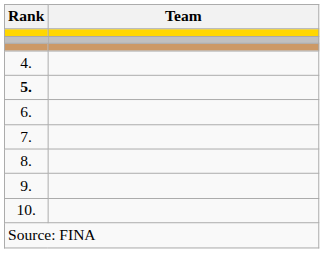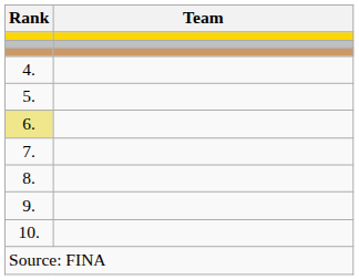 <table class="wikitable">
 <tr>
 <th>Rank</th>
 <th align="left" style="width: 17em">Team</th>
 </tr>
 <tr bgcolor=gold>
 <td align="center"></td>
 <td></td>
 </tr>
 <tr bgcolor=silver>
 <td align="center"></td>
 <td></td>
 </tr>
 <tr bgcolor=cc9966>
 <td align="center"></td>
 <td></td>
 </tr>
 <tr>
 <td align="center">4.</td>
 <td></td>
 </tr>
 <tr>
-<td align="center"><strong>5.</strong></td>
+<td align="center">5.</td>
 <td></td>
 </tr>
 <tr>
-<td align="center">6.</td>
+<td align="center" style="background: khaki;">6.</td>
 <td></td>
 </tr>
 <tr>
 <td align="center">7.</td>
 <td></td>
 </tr>
 <tr>
 <td align="center">8.</td>
 <td></td>
 </tr>
 <tr>
 <td align="center">9.</td>
 <td></td>
 </tr>
 <tr>
 <td align="center">10.</td>
 <td></td>
 </tr>
 <tr>
 <td colspan=2>Source: FINA</td>
 </tr>
 </table>
